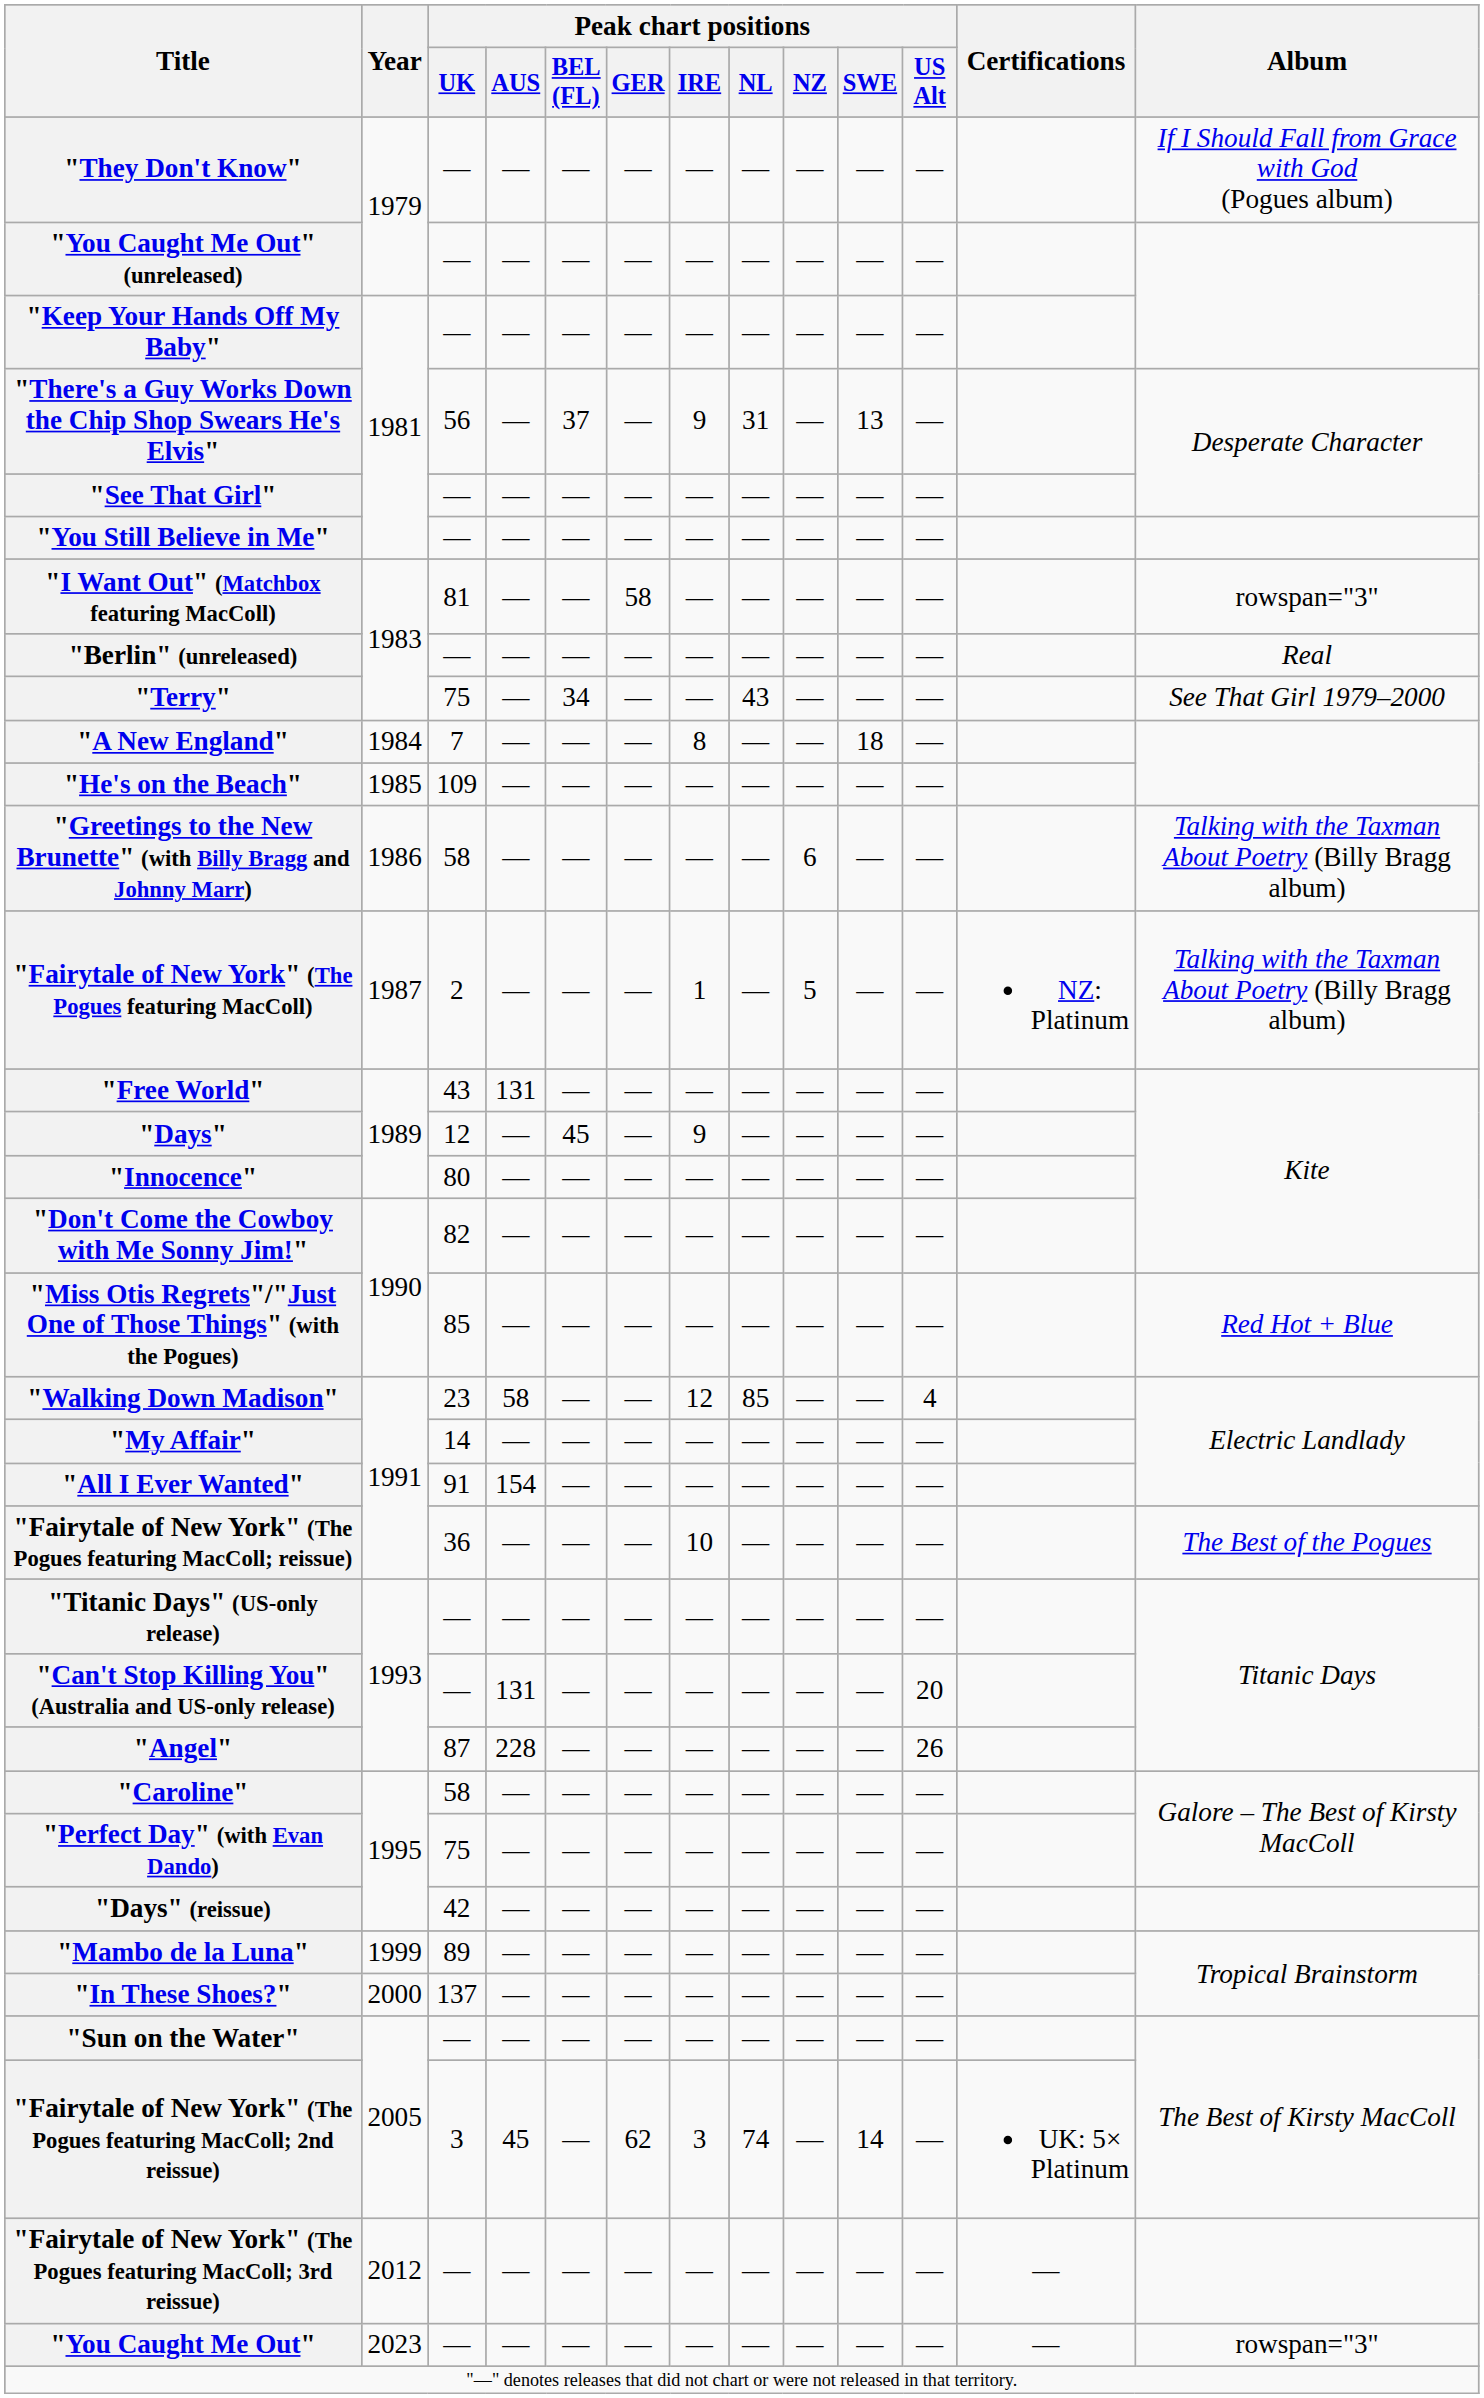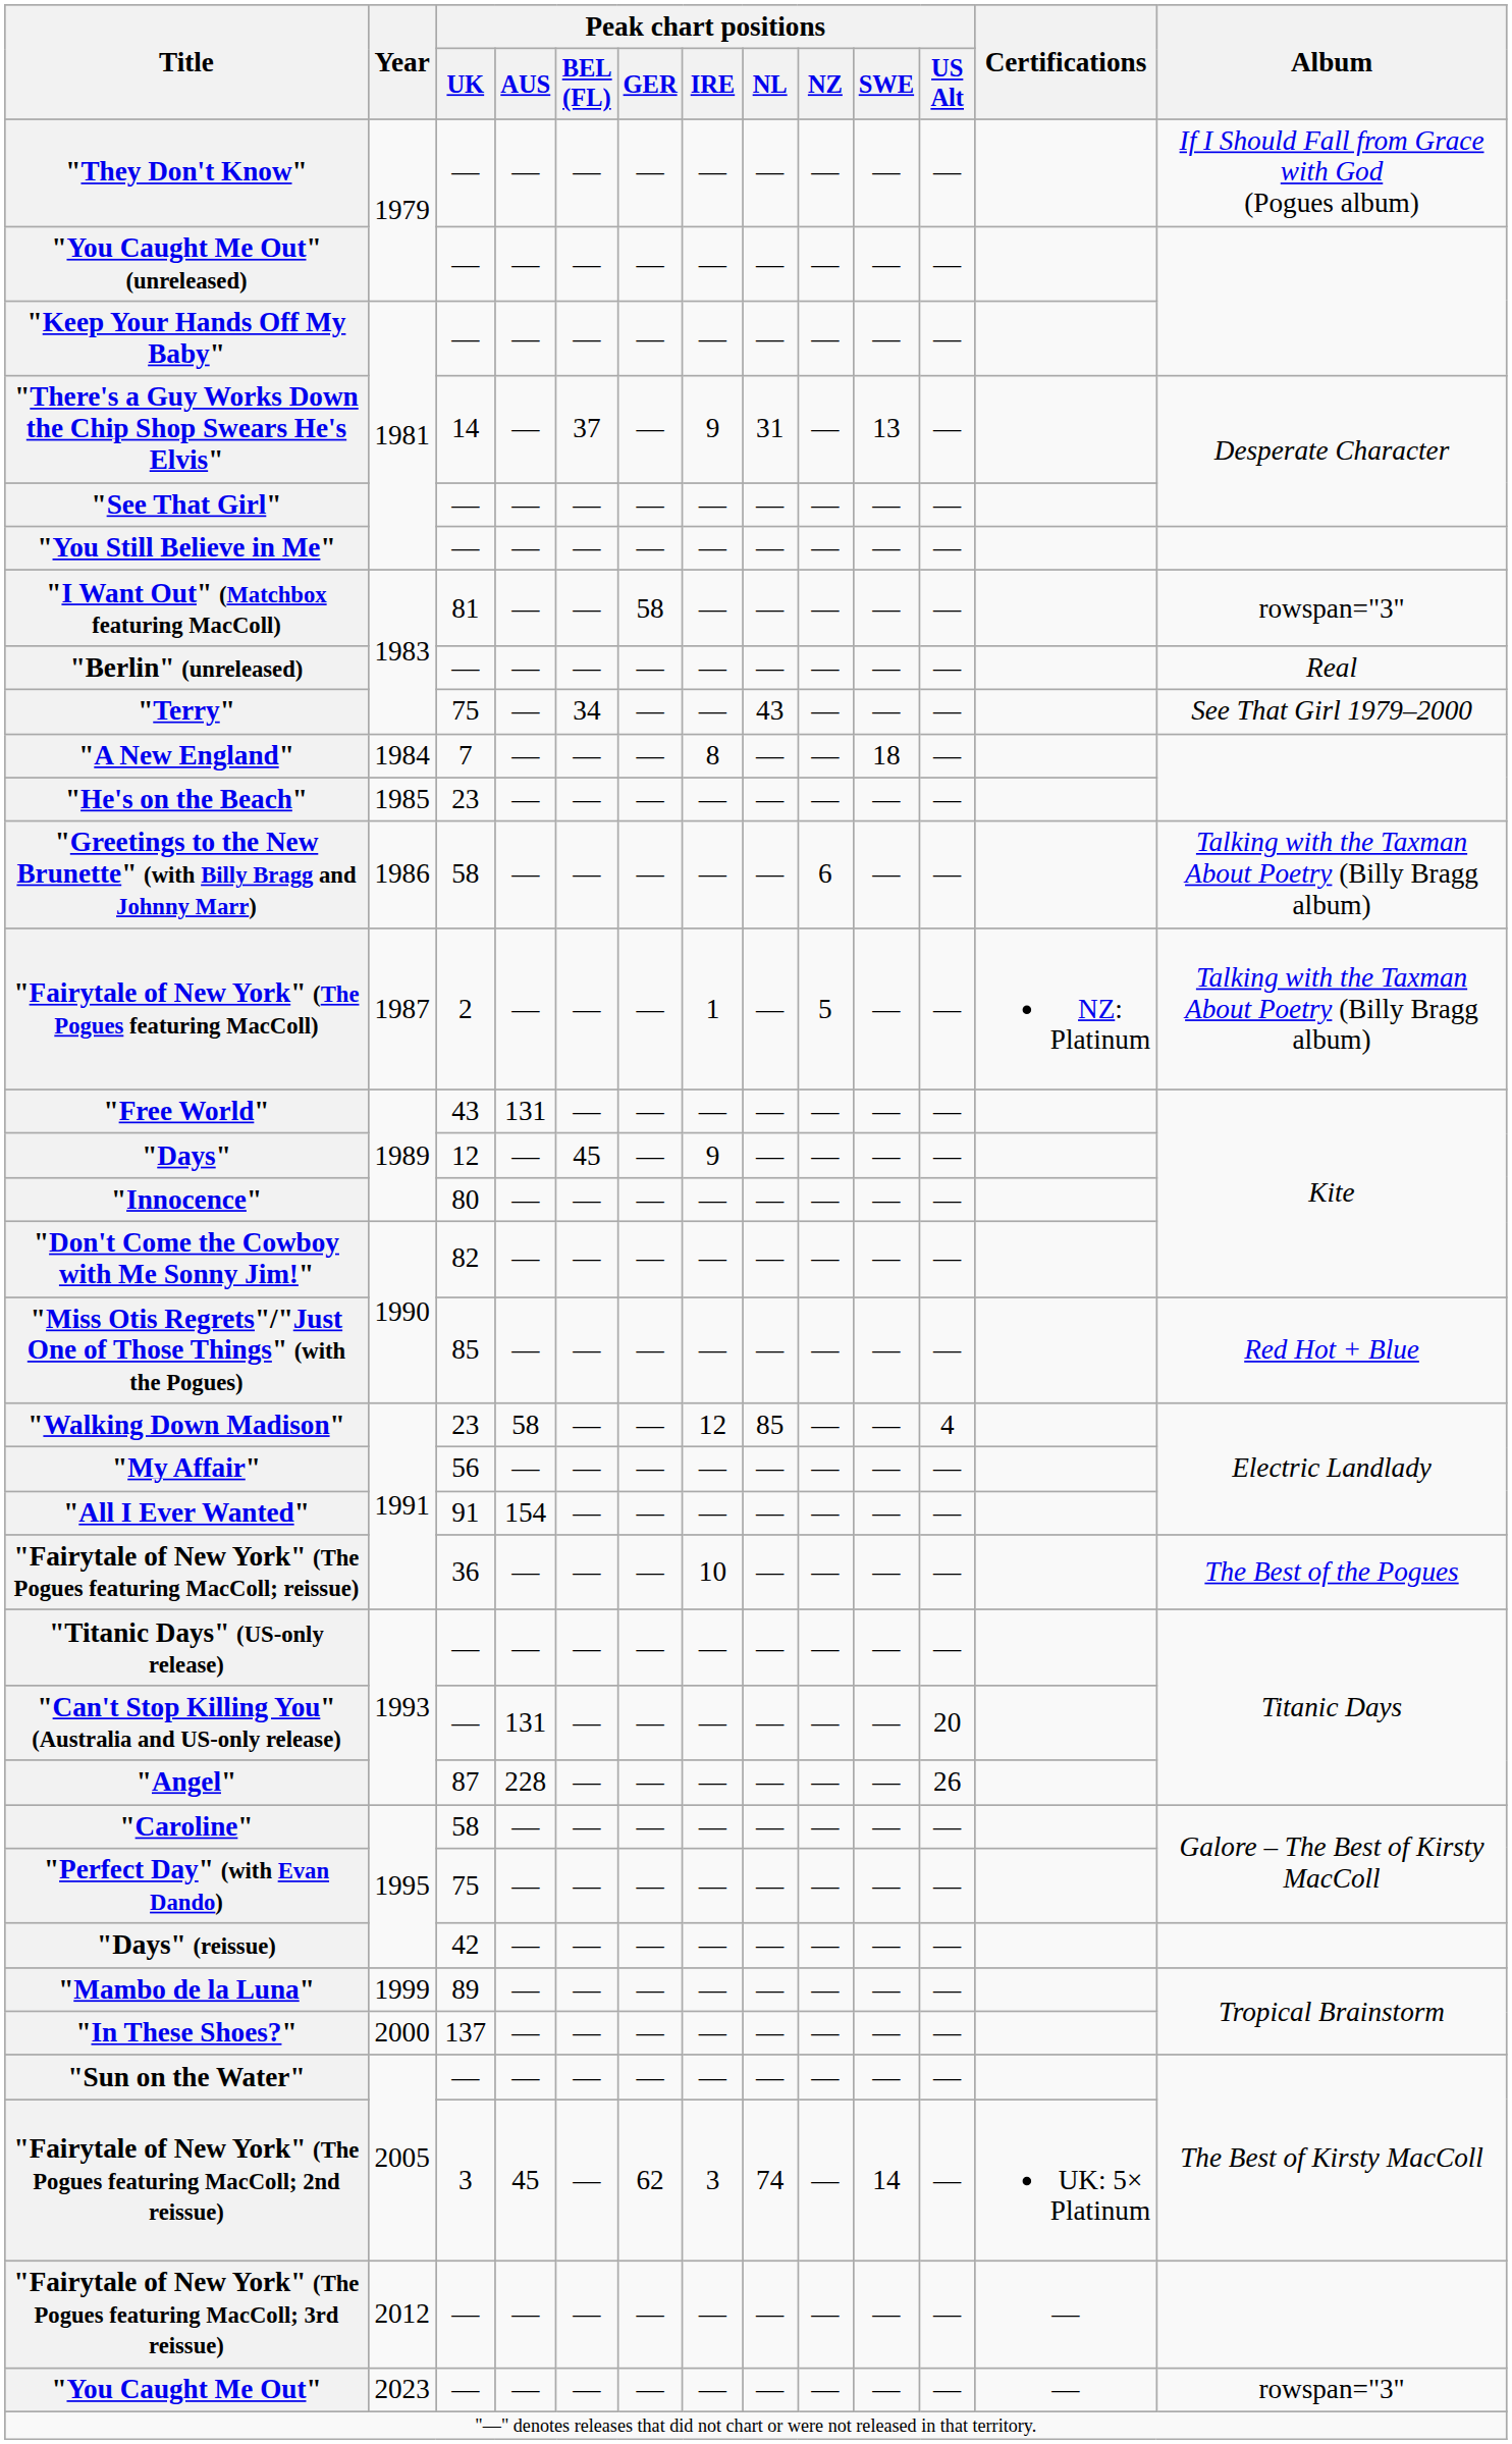 <table class="wikitable plainrowheaders" style="text-align:center;">
 <tr>
 <th rowspan="2" scope="col" style="width:17em;">Title</th>
 <th rowspan="2" scope="col" style="width:2em;">Year</th>
 <th colspan="9">Peak chart positions</th>
 <th rowspan="2">Certifications</th>
 <th rowspan="2" style="width:17em;">Album</th>
 </tr>
 <tr>
 <th scope="col" style="width:2em;font-size:90%;"><a href='#'>UK</a><br></th>
 <th scope="col" style="width:2em;font-size:90%;"><a href='#'>AUS</a><br></th>
 <th scope="col" style="width:2em;font-size:90%;"><a href='#'>BEL (FL)</a><br></th>
 <th scope="col" style="width:2em;font-size:90%;"><a href='#'>GER</a><br></th>
 <th scope="col" style="width:2em;font-size:90%;"><a href='#'>IRE</a><br></th>
 <th scope="col" style="width:2em;font-size:90%;"><a href='#'>NL</a><br></th>
 <th scope="col" style="width:2em;font-size:90%;"><a href='#'>NZ</a><br></th>
 <th scope="col" style="width:2em;font-size:90%;"><a href='#'>SWE</a><br></th>
 <th scope="col" style="width:2em;font-size:90%;"><a href='#'>US Alt</a><br></th>
 </tr>
 <tr>
 <th scope="row">"<a href='#'>They Don't Know</a>"</th>
 <td rowspan="2">1979</td>
 <td>—</td>
 <td>—</td>
 <td>—</td>
 <td>—</td>
 <td>—</td>
 <td>—</td>
 <td>—</td>
 <td>—</td>
 <td>—</td>
 <td></td>
 <td><em><a href='#'>If I Should Fall from Grace with God</a></em><br>(Pogues album)</td>
 </tr>
 <tr>
 <th scope="row">"<a href='#'>You Caught Me Out</a>" <small>(unreleased)</small></th>
 <td>—</td>
 <td>—</td>
 <td>—</td>
 <td>—</td>
 <td>—</td>
 <td>—</td>
 <td>—</td>
 <td>—</td>
 <td>—</td>
 <td></td>
 </tr>
 <tr>
 <th scope="row">"<a href='#'>Keep Your Hands Off My Baby</a>"</th>
 <td rowspan="4">1981</td>
 <td>—</td>
 <td>—</td>
 <td>—</td>
 <td>—</td>
 <td>—</td>
 <td>—</td>
 <td>—</td>
 <td>—</td>
 <td>—</td>
 <td></td>
 </tr>
 <tr>
 <th scope="row">"<a href='#'>There's a Guy Works Down the Chip Shop Swears He's Elvis</a>"</th>
-<td>56</td>
+<td>14</td>
 <td>—</td>
 <td>37</td>
 <td>—</td>
 <td>9</td>
 <td>31</td>
 <td>—</td>
 <td>13</td>
 <td>—</td>
 <td></td>
 <td rowspan="2"><em>Desperate Character</em></td>
 </tr>
 <tr>
 <th scope="row">"<a href='#'>See That Girl</a>"</th>
 <td>—</td>
 <td>—</td>
 <td>—</td>
 <td>—</td>
 <td>—</td>
 <td>—</td>
 <td>—</td>
 <td>—</td>
 <td>—</td>
 <td></td>
 </tr>
 <tr>
 <th scope="row">"<a href='#'>You Still Believe in Me</a>"</th>
 <td>—</td>
 <td>—</td>
 <td>—</td>
 <td>—</td>
 <td>—</td>
 <td>—</td>
 <td>—</td>
 <td>—</td>
 <td>—</td>
 <td></td>
 <td></td>
 </tr>
 <tr>
 <th scope="row">"<a href='#'>I Want Out</a>" <small>(<a href='#'>Matchbox</a> featuring MacColl)</small></th>
 <td rowspan="3">1983</td>
 <td>81</td>
 <td>—</td>
 <td>—</td>
 <td>58</td>
 <td>—</td>
 <td>—</td>
 <td>—</td>
 <td>—</td>
 <td>—</td>
 <td></td>
 <td>rowspan="3" </td>
 </tr>
 <tr>
 <th scope="row">"Berlin" <small>(unreleased)</small></th>
 <td>—</td>
 <td>—</td>
 <td>—</td>
 <td>—</td>
 <td>—</td>
 <td>—</td>
 <td>—</td>
 <td>—</td>
 <td>—</td>
 <td></td>
 <td><em>Real</em></td>
 </tr>
 <tr>
 <th scope="row">"<a href='#'>Terry</a>"</th>
 <td>75</td>
 <td>—</td>
 <td>34</td>
 <td>—</td>
 <td>—</td>
 <td>43</td>
 <td>—</td>
 <td>—</td>
 <td>—</td>
 <td></td>
 <td><em>See That Girl 1979–2000</em></td>
 </tr>
 <tr>
 <th scope="row">"<a href='#'>A New England</a>"</th>
 <td>1984</td>
 <td>7</td>
 <td>—</td>
 <td>—</td>
 <td>—</td>
 <td>8</td>
 <td>—</td>
 <td>—</td>
 <td>18</td>
 <td>—</td>
 <td></td>
 </tr>
 <tr>
 <th scope="row">"<a href='#'>He's on the Beach</a>"</th>
 <td>1985</td>
-<td>109</td>
+<td>23</td>
 <td>—</td>
 <td>—</td>
 <td>—</td>
 <td>—</td>
 <td>—</td>
 <td>—</td>
 <td>—</td>
 <td>—</td>
 <td></td>
 </tr>
 <tr>
 <th scope="row">"<a href='#'>Greetings to the New Brunette</a>" <small>(with <a href='#'>Billy Bragg</a> and <a href='#'>Johnny Marr</a>)</small></th>
 <td>1986</td>
 <td>58</td>
 <td>—</td>
 <td>—</td>
 <td>—</td>
 <td>—</td>
 <td>—</td>
 <td>6</td>
 <td>—</td>
 <td>—</td>
 <td></td>
 <td><em><a href='#'>Talking with the Taxman About Poetry</a></em> (Billy Bragg album)</td>
 </tr>
 <tr>
 <th scope="row">"<a href='#'>Fairytale of New York</a>" <small>(<a href='#'>The Pogues</a> featuring MacColl)</small></th>
 <td>1987</td>
 <td>2</td>
 <td>—</td>
 <td>—</td>
 <td>—</td>
 <td>1</td>
 <td>—</td>
 <td>5</td>
 <td>—</td>
 <td>—</td>
 <td><br><ul><li><a href='#'>NZ</a>: Platinum</li></ul></td>
 <td><em><a href='#'>Talking with the Taxman About Poetry</a></em> (Billy Bragg album)</td>
 </tr>
 <tr>
 <th scope="row">"<a href='#'>Free World</a>"</th>
 <td rowspan="3">1989</td>
 <td>43</td>
 <td>131</td>
 <td>—</td>
 <td>—</td>
 <td>—</td>
 <td>—</td>
 <td>—</td>
 <td>—</td>
 <td>—</td>
 <td></td>
 <td rowspan="4"><em>Kite</em></td>
 </tr>
 <tr>
 <th scope="row">"<a href='#'>Days</a>"</th>
 <td>12</td>
 <td>—</td>
 <td>45</td>
 <td>—</td>
 <td>9</td>
 <td>—</td>
 <td>—</td>
 <td>—</td>
 <td>—</td>
 <td></td>
 </tr>
 <tr>
 <th scope="row">"<a href='#'>Innocence</a>"</th>
 <td>80</td>
 <td>—</td>
 <td>—</td>
 <td>—</td>
 <td>—</td>
 <td>—</td>
 <td>—</td>
 <td>—</td>
 <td>—</td>
 <td></td>
 </tr>
 <tr>
 <th scope="row">"<a href='#'>Don't Come the Cowboy with Me Sonny Jim!</a>"</th>
 <td rowspan="2">1990</td>
 <td>82</td>
 <td>—</td>
 <td>—</td>
 <td>—</td>
 <td>—</td>
 <td>—</td>
 <td>—</td>
 <td>—</td>
 <td>—</td>
 <td></td>
 </tr>
 <tr>
 <th scope="row">"<a href='#'>Miss Otis Regrets</a>"/"<a href='#'>Just One of Those Things</a>" <small>(with the Pogues)</small></th>
 <td>85</td>
 <td>—</td>
 <td>—</td>
 <td>—</td>
 <td>—</td>
 <td>—</td>
 <td>—</td>
 <td>—</td>
 <td>—</td>
 <td></td>
 <td><em><a href='#'>Red Hot + Blue</a></em></td>
 </tr>
 <tr>
 <th scope="row">"<a href='#'>Walking Down Madison</a>"</th>
 <td rowspan="4">1991</td>
 <td>23</td>
 <td>58</td>
 <td>—</td>
 <td>—</td>
 <td>12</td>
 <td>85</td>
 <td>—</td>
 <td>—</td>
 <td>4</td>
 <td></td>
 <td rowspan="3"><em>Electric Landlady</em></td>
 </tr>
 <tr>
 <th scope="row">"<a href='#'>My Affair</a>"</th>
-<td>14</td>
+<td>56</td>
 <td>—</td>
 <td>—</td>
 <td>—</td>
 <td>—</td>
 <td>—</td>
 <td>—</td>
 <td>—</td>
 <td>—</td>
 <td></td>
 </tr>
 <tr>
 <th scope="row">"<a href='#'>All I Ever Wanted</a>"</th>
 <td>91</td>
 <td>154</td>
 <td>—</td>
 <td>—</td>
 <td>—</td>
 <td>—</td>
 <td>—</td>
 <td>—</td>
 <td>—</td>
 <td></td>
 </tr>
 <tr>
 <th scope="row">"Fairytale of New York" <small>(The Pogues featuring MacColl; reissue)</small></th>
 <td>36</td>
 <td>—</td>
 <td>—</td>
 <td>—</td>
 <td>10</td>
 <td>—</td>
 <td>—</td>
 <td>—</td>
 <td>—</td>
 <td></td>
 <td><em><a href='#'>The Best of the Pogues</a></em></td>
 </tr>
 <tr>
 <th scope="row">"Titanic Days" <small>(US-only release)</small></th>
 <td rowspan="3">1993</td>
 <td>—</td>
 <td>—</td>
 <td>—</td>
 <td>—</td>
 <td>—</td>
 <td>—</td>
 <td>—</td>
 <td>—</td>
 <td>—</td>
 <td></td>
 <td rowspan="3"><em>Titanic Days</em></td>
 </tr>
 <tr>
 <th scope="row">"<a href='#'>Can't Stop Killing You</a>" <small>(Australia and US-only release)</small></th>
 <td>—</td>
 <td>131</td>
 <td>—</td>
 <td>—</td>
 <td>—</td>
 <td>—</td>
 <td>—</td>
 <td>—</td>
 <td>20</td>
 <td></td>
 </tr>
 <tr>
 <th scope="row">"<a href='#'>Angel</a>"</th>
 <td>87</td>
 <td>228</td>
 <td>—</td>
 <td>—</td>
 <td>—</td>
 <td>—</td>
 <td>—</td>
 <td>—</td>
 <td>26</td>
 <td></td>
 </tr>
 <tr>
 <th scope="row">"<a href='#'>Caroline</a>"</th>
 <td rowspan="3">1995</td>
 <td>58</td>
 <td>—</td>
 <td>—</td>
 <td>—</td>
 <td>—</td>
 <td>—</td>
 <td>—</td>
 <td>—</td>
 <td>—</td>
 <td></td>
 <td rowspan="2"><em>Galore – The Best of Kirsty MacColl</em></td>
 </tr>
 <tr>
 <th scope="row">"<a href='#'>Perfect Day</a>" <small>(with <a href='#'>Evan Dando</a>)</small></th>
 <td>75</td>
 <td>—</td>
 <td>—</td>
 <td>—</td>
 <td>—</td>
 <td>—</td>
 <td>—</td>
 <td>—</td>
 <td>—</td>
 <td></td>
 </tr>
 <tr>
 <th scope="row">"Days" <small>(reissue)</small></th>
 <td>42</td>
 <td>—</td>
 <td>—</td>
 <td>—</td>
 <td>—</td>
 <td>—</td>
 <td>—</td>
 <td>—</td>
 <td>—</td>
 <td></td>
 <td></td>
 </tr>
 <tr>
 <th scope="row">"<a href='#'>Mambo de la Luna</a>"</th>
 <td>1999</td>
 <td>89</td>
 <td>—</td>
 <td>—</td>
 <td>—</td>
 <td>—</td>
 <td>—</td>
 <td>—</td>
 <td>—</td>
 <td>—</td>
 <td></td>
 <td rowspan="2"><em>Tropical Brainstorm</em></td>
 </tr>
 <tr>
 <th scope="row">"<a href='#'>In These Shoes?</a>"</th>
 <td>2000</td>
 <td>137</td>
 <td>—</td>
 <td>—</td>
 <td>—</td>
 <td>—</td>
 <td>—</td>
 <td>—</td>
 <td>—</td>
 <td>—</td>
 <td></td>
 </tr>
 <tr>
 <th scope="row">"Sun on the Water"</th>
 <td rowspan="2">2005</td>
 <td>—</td>
 <td>—</td>
 <td>—</td>
 <td>—</td>
 <td>—</td>
 <td>—</td>
 <td>—</td>
 <td>—</td>
 <td>—</td>
 <td></td>
 <td rowspan="2"><em>The Best of Kirsty MacColl</em></td>
 </tr>
 <tr>
 <th scope="row">"Fairytale of New York" <small>(The Pogues featuring MacColl; 2nd reissue)</small></th>
 <td>3</td>
 <td>45</td>
 <td>—</td>
 <td>62</td>
 <td>3</td>
 <td>74</td>
 <td>—</td>
 <td>14</td>
 <td>—</td>
 <td><br><ul><li>UK: 5× Platinum</li></ul></td>
 </tr>
 <tr>
 <th scope="row">"Fairytale of New York" <small>(The Pogues featuring MacColl; 3rd reissue)</small></th>
 <td>2012</td>
 <td>—</td>
 <td>—</td>
 <td>—</td>
 <td>—</td>
 <td>—</td>
 <td>—</td>
 <td>—</td>
 <td>—</td>
 <td>—</td>
 <td>—</td>
 <td></td>
 </tr>
 <tr>
 <th scope="row">"<a href='#'>You Caught Me Out</a>"</th>
 <td>2023</td>
 <td>—</td>
 <td>—</td>
 <td>—</td>
 <td>—</td>
 <td>—</td>
 <td>—</td>
 <td>—</td>
 <td>—</td>
 <td>—</td>
 <td>—</td>
 <td>rowspan="3" </td>
 </tr>
 <tr>
 <td colspan="13" style="font-size:8pt">"—" denotes releases that did not chart or were not released in that territory.</td>
 </tr>
 </table>
